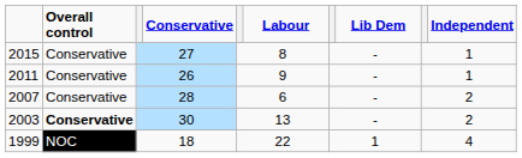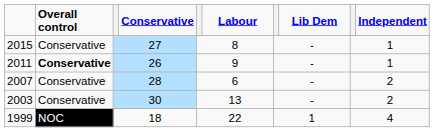 <table class="wikitable" style="text-align:left; padding-left:1em; font-size: 95%">
 <tr>
 <td width=32></td>
 <td width=90><strong>Overall control</strong></td>
 <th style="background-color: "></th>
 <td width=87 align="center"><strong><a href='#'>Conservative</a></strong></td>
 <th style="background-color: "></th>
 <td width=87 align="center"><strong><a href='#'>Labour</a></strong></td>
 <th style="background-color: "></th>
 <td width=87 align="center"><strong><a href='#'>Lib Dem</a></strong></td>
 <th style="background-color: "></th>
 <td width=87 align="center"><strong><a href='#'>Independent</a></strong></td>
 </tr>
 <tr>
 <td>2015</td>
 <td style="background:">Conservative</td>
 <td colspan=2 align="center" style="background:#B3E0FF">27</td>
 <td colspan=2 align="center">8</td>
 <td colspan=2 align="center">-</td>
 <td colspan=2 align="center">1</td>
 </tr>
 <tr>
 <td>2011</td>
-<td style="background:">Conservative</td>
+<td style="background:"><strong>Conservative</strong></td>
 <td colspan=2 align="center" style="background:#B3E0FF">26</td>
 <td colspan=2 align="center">9</td>
 <td colspan=2 align="center">-</td>
 <td colspan=2 align="center">1</td>
 </tr>
 <tr>
 <td>2007</td>
 <td style="background:">Conservative</td>
 <td colspan=2 align="center" style="background:#B3E0FF">28</td>
 <td colspan=2 align="center">6</td>
 <td colspan=2 align="center">-</td>
 <td colspan=2 align="center">2</td>
 </tr>
 <tr>
 <td>2003</td>
-<td style="background:"><strong>Conservative</strong></td>
+<td style="background:">Conservative</td>
 <td colspan=2 align="center" style="background:#B3E0FF">30</td>
 <td colspan=2 align="center">13</td>
 <td colspan=2 align="center">-</td>
 <td colspan=2 align="center">2</td>
 </tr>
 <tr>
 <td>1999</td>
 <td style="background:black; color:white">NOC</td>
 <td colspan=2 align="center">18</td>
 <td colspan=2 align="center">22</td>
 <td colspan=2 align="center">1</td>
 <td colspan=2 align="center">4</td>
 </tr>
 </table>
